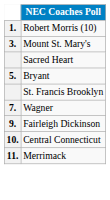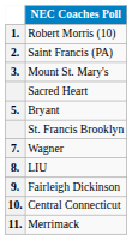 <table class="wikitable" style="white-space:nowrap; font-size:90%;">
 <tr>
 <td ! colspan=1 style="background:white; border-top-style:hidden; border-left-style:hidden;"></td>
 <th align="center" style="background:#0081C4; color:#FFFFFF;">NEC Coaches Poll</th>
 </tr>
 <tr>
 <th>1.</th>
 <td>Robert Morris (10)</td>
+</tr>
+<tr>
+<th>2.</th>
+<td>Saint Francis (PA)</td>
 </tr>
 <tr>
 <th>3.</th>
 <td>Mount St. Mary's</td>
 </tr>
 <tr>
 <th></th>
 <td>Sacred Heart</td>
 </tr>
 <tr>
 <th>5.</th>
 <td>Bryant</td>
 </tr>
 <tr>
 <th></th>
 <td>St. Francis Brooklyn</td>
 </tr>
 <tr>
 <th>7.</th>
 <td>Wagner</td>
 </tr>
 <tr>
+<th>8.</th>
+<td>LIU</td>
+</tr>
+<tr>
 <th>9.</th>
 <td>Fairleigh Dickinson</td>
 </tr>
 <tr>
 <th>10.</th>
 <td>Central Connecticut</td>
 </tr>
 <tr>
 <th>11.</th>
 <td>Merrimack</td>
 </tr>
 </table>
